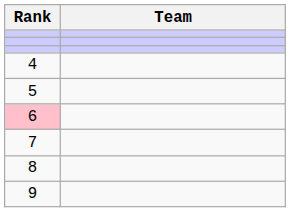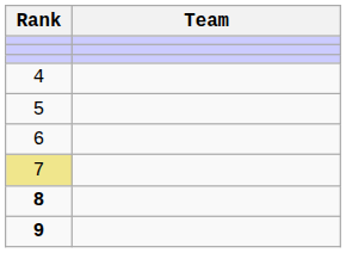 <table class="wikitable" style="text-align: center;">
 <tr>
 <th width=40>Rank</th>
 <th width=180>Team</th>
 </tr>
 <tr bgcolor="#ccccff">
 <td></td>
 <td align="left"></td>
 </tr>
 <tr bgcolor="#ccccff">
 <td></td>
 <td align="left"></td>
 </tr>
 <tr bgcolor="#ccccff">
 <td></td>
 <td align="left"></td>
 </tr>
 <tr>
 <td>4</td>
 <td align="left"></td>
 </tr>
 <tr>
 <td>5</td>
 <td align="left"></td>
 </tr>
 <tr>
-<td style="background: pink;">6</td>
+<td>6</td>
 <td align="left"></td>
 </tr>
 <tr>
-<td>7</td>
+<td style="background: khaki;">7</td>
 <td align="left"></td>
 </tr>
 <tr>
-<td>8</td>
+<td><strong>8</strong></td>
 <td align="left"></td>
 </tr>
 <tr>
-<td>9</td>
+<td><strong>9</strong></td>
 <td align="left"></td>
 </tr>
 </table>
